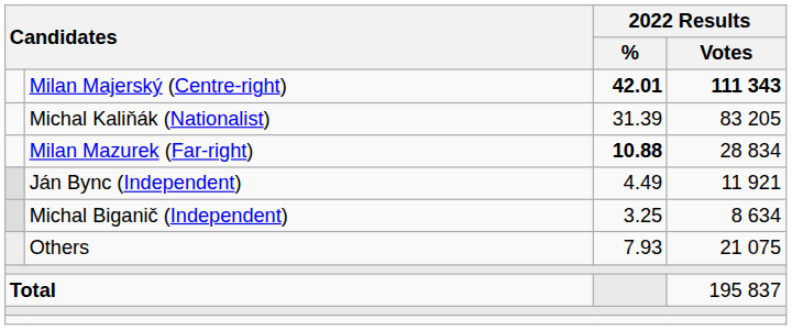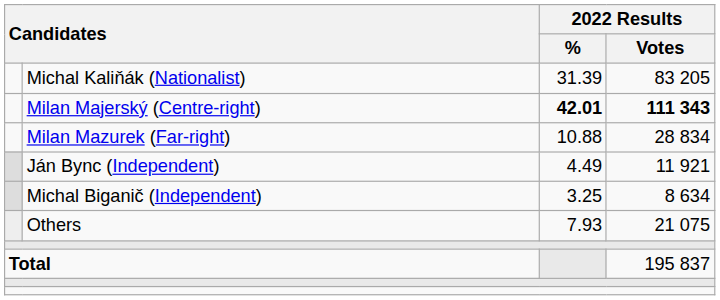 <table class="wikitable" style="text-align:right; font-size:97%;">
 <tr>
 <th style="text-align:left;" rowspan="2" colspan="2" width="450">Candidates</th>
 <th colspan="2">2022 Results</th>
 </tr>
 <tr>
 <th width="50">%</th>
 <th width="85">Votes</th>
 </tr>
 <tr>
 <td style="color:inherit;background:"></td>
+<td align="left">Michal Kaliňák (<a href='#'>Nationalist</a>)</td>
+<td>31.39</td>
+<td>83 205</td>
+</tr>
+<tr>
+<td style="color:inherit;background:"></td>
 <td align="left"><a href='#'>Milan Majerský</a> (<a href='#'>Centre-right</a>)</td>
 <td><strong>42.01</strong></td>
 <td><strong>111 343</strong></td>
 </tr>
 <tr>
 <td style="color:inherit;background:"></td>
-<td align="left">Michal Kaliňák (<a href='#'>Nationalist</a>)</td>
-<td>31.39</td>
-<td>83 205</td>
-</tr>
-<tr>
-<td style="color:inherit;background:"></td>
 <td align="left"><a href='#'>Milan Mazurek</a> (<a href='#'>Far-right</a>)</td>
-<td><strong>10.88</strong></td>
+<td>10.88</td>
 <td>28 834</td>
 </tr>
 <tr>
 <td style="color:inherit;background:#dddddd"></td>
 <td align="left">Ján Bync (<a href='#'>Independent</a>)</td>
 <td>4.49</td>
 <td>11 921</td>
 </tr>
 <tr>
 <td style="color:inherit;background:#dddddd"></td>
 <td align="left">Michal Biganič (<a href='#'>Independent</a>)</td>
 <td>3.25</td>
 <td>8 634</td>
 </tr>
 <tr>
 <td style="color:inherit;background:#eeeeee"></td>
 <td align="left">Others</td>
 <td>7.93</td>
 <td>21 075</td>
 </tr>
 <tr>
 <td colspan="4" bgcolor="#E9E9E9"></td>
 </tr>
 <tr>
 <td align="left" colspan="2"><strong>Total</strong></td>
 <td bgcolor="#E9E9E9"></td>
 <td>195 837</td>
 </tr>
 <tr>
 <td colspan="4" bgcolor="#E9E9E9"></td>
 </tr>
 <tr>
 <td colspan="4"></td>
 </tr>
 </table>
